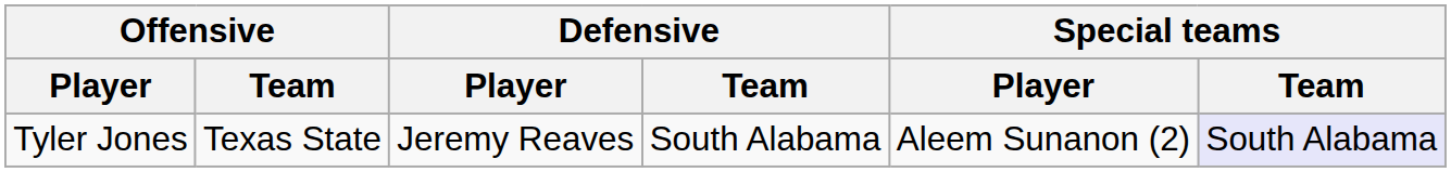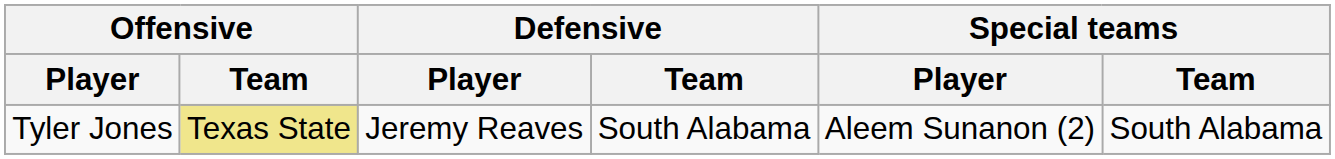 <table class="wikitable">
 <tr>
 <th colspan="2">Offensive</th>
 <th colspan="2">Defensive</th>
 <th colspan="2">Special teams</th>
 </tr>
 <tr>
 <th>Player</th>
 <th>Team</th>
 <th>Player</th>
 <th>Team</th>
 <th>Player</th>
 <th>Team</th>
 </tr>
 <tr>
 <td>Tyler Jones</td>
-<td>Texas State</td>
+<td style="background: khaki;">Texas State</td>
 <td>Jeremy Reaves</td>
 <td>South Alabama</td>
 <td>Aleem Sunanon (2)</td>
-<td style="background: lavender;">South Alabama</td>
+<td>South Alabama</td>
 </tr>
 </table>
